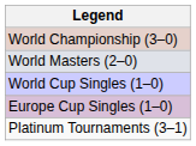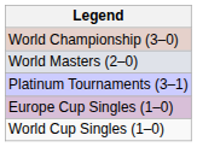 <table class="wikitable">
 <tr>
 <th>Legend</th>
 </tr>
 <tr style="background:#e5d1cb;">
 <td>World Championship (3–0)</td>
 </tr>
 <tr style="background:#dfe2e9;">
 <td>World Masters (2–0)</td>
 </tr>
 <tr style="background:#ccf;">
-<td>World Cup Singles (1–0)</td>
+<td>Platinum Tournaments (3–1)</td>
 </tr>
 <tr style="background:thistle">
 <td>Europe Cup Singles (1–0)</td>
 </tr>
 <tr>
-<td>Platinum Tournaments (3–1)</td>
+<td>World Cup Singles (1–0)</td>
 </tr>
 </table>
